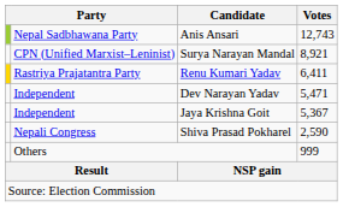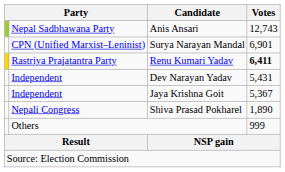 <table class="wikitable">
 <tr>
 <th colspan="2">Party</th>
 <th>Candidate</th>
 <th>Votes</th>
 </tr>
 <tr>
 <td style="background-color:yellowgreen"></td>
 <td><a href='#'>Nepal Sadbhawana Party</a></td>
 <td>Anis Ansari</td>
 <td>12,743</td>
 </tr>
 <tr>
 <td style="background-color:"></td>
 <td><a href='#'>CPN (Unified Marxist–Leninist)</a></td>
 <td>Surya Narayan Mandal</td>
-<td>8,921</td>
+<td>6,901</td>
 </tr>
 <tr>
 <td style="background-color:gold"></td>
 <td><a href='#'>Rastriya Prajatantra Party</a></td>
 <td><a href='#'>Renu Kumari Yadav</a></td>
-<td>6,411</td>
+<td><strong>6,411</strong></td>
 </tr>
 <tr>
 <td style="background-color:"></td>
 <td><a href='#'>Independent</a></td>
 <td>Dev Narayan Yadav</td>
-<td>5,471</td>
+<td>5,431</td>
 </tr>
 <tr>
 <td style="background-color:"></td>
 <td><a href='#'>Independent</a></td>
 <td>Jaya Krishna Goit</td>
 <td>5,367</td>
 </tr>
 <tr>
 <td></td>
 <td><a href='#'>Nepali Congress</a></td>
 <td>Shiva Prasad Pokharel</td>
-<td>2,590</td>
+<td>1,890</td>
 </tr>
 <tr>
 <td></td>
 <td colspan="2">Others</td>
 <td>999</td>
 </tr>
 <tr>
 <th colspan="2">Result</th>
 <th colspan="2">NSP gain</th>
 </tr>
 <tr>
 <td colspan="4">Source: Election Commission</td>
 </tr>
 </table>
